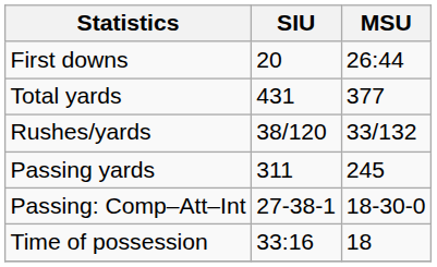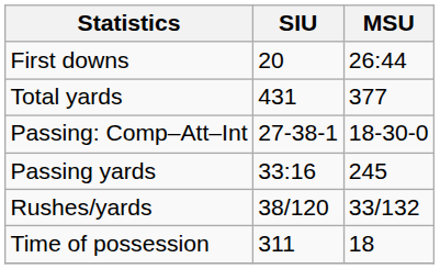 <table class="wikitable" style="float: left;">
 <tr>
 <th>Statistics</th>
 <th>SIU</th>
 <th>MSU</th>
 </tr>
 <tr>
 <td>First downs</td>
 <td>20</td>
 <td>26:44</td>
 </tr>
 <tr>
 <td>Total yards</td>
 <td>431</td>
 <td>377</td>
 </tr>
 <tr>
+<td>Passing: Comp–Att–Int</td>
+<td>27-38-1</td>
+<td>18-30-0</td>
+</tr>
+<tr>
+<td>Passing yards</td>
+<td>33:16</td>
+<td>245</td>
+</tr>
+<tr>
 <td>Rushes/yards</td>
 <td>38/120</td>
 <td>33/132</td>
 </tr>
 <tr>
-<td>Passing yards</td>
+<td>Time of possession</td>
 <td>311</td>
-<td>245</td>
-</tr>
-<tr>
-<td>Passing: Comp–Att–Int</td>
-<td>27-38-1</td>
-<td>18-30-0</td>
-</tr>
-<tr>
-<td>Time of possession</td>
-<td>33:16</td>
 <td>18</td>
 </tr>
 <tr>
 </tr>
 </table>
